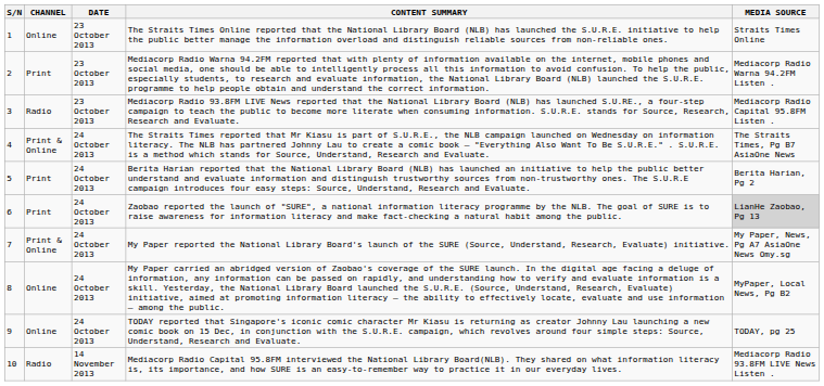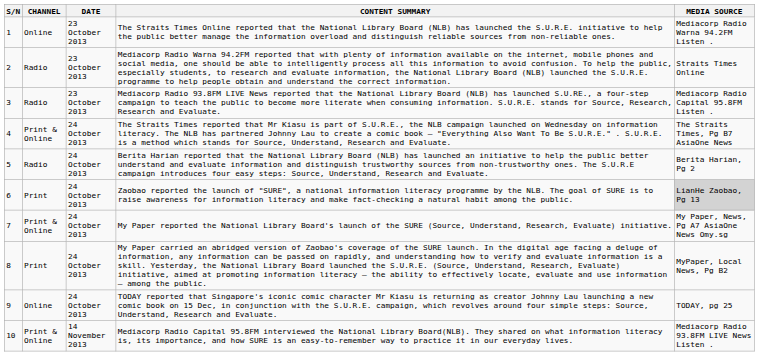 <table class="wikitable">
 <tr>
 <th>S/N</th>
 <th>CHANNEL</th>
 <th>DATE</th>
 <th>CONTENT SUMMARY</th>
 <th>MEDIA SOURCE</th>
 </tr>
 <tr>
 <td>1</td>
 <td>Online</td>
 <td>23 October 2013</td>
 <td>The Straits Times Online reported that the National Library Board (NLB) has launched the S.U.R.E. initiative to help the public better manage the information overload and distinguish reliable sources from non-reliable ones.</td>
-<td>Straits Times Online</td>
+<td>Mediacorp Radio Warna 94.2FM  Listen .</td>
 </tr>
 <tr>
 <td>2</td>
-<td>Print</td>
+<td>Radio</td>
 <td>23 October 2013</td>
 <td>Mediacorp Radio Warna 94.2FM reported that with plenty of information available on the internet, mobile phones and social media, one should be able to intelligently process all this information to avoid confusion. To help the public, especially students, to research and evaluate information, the National Library Board (NLB) launched the S.U.R.E. programme to help people obtain and understand the correct information.</td>
-<td>Mediacorp Radio Warna 94.2FM  Listen .</td>
+<td>Straits Times Online</td>
 </tr>
 <tr>
 <td>3</td>
 <td>Radio</td>
 <td>23 October 2013</td>
 <td>Mediacorp Radio 93.8FM LIVE News reported that the National Library Board (NLB) has launched S.U.RE., a four-step campaign to teach the public to become more literate when consuming information. S.U.R.E. stands for Source, Research, Research and Evaluate.</td>
 <td>Mediacorp Radio Capital 95.8FM Listen .</td>
 </tr>
 <tr>
 <td>4</td>
 <td>Print & Online</td>
 <td>24 October 2013</td>
 <td>The Straits Times reported that Mr Kiasu is part of S.U.R.E., the NLB campaign launched on Wednesday on information literacy.  The NLB has partnered Johnny Lau to create a comic book – "Everything Also Want To Be S.U.R.E." .  S.U.R.E. is a method which stands for Source, Understand, Research and Evaluate.</td>
 <td>The Straits Times, Pg B7 AsiaOne News</td>
 </tr>
 <tr>
 <td>5</td>
-<td>Print</td>
+<td>Radio</td>
 <td>24 October 2013</td>
 <td>Berita Harian reported that the National Library Board (NLB) has launched an initiative to help the public better understand and evaluate information and distinguish trustworthy sources from non-trustworthy ones. The S.U.R.E campaign introduces four easy steps: Source, Understand, Research and Evaluate.</td>
 <td>Berita Harian, Pg 2</td>
 </tr>
 <tr>
 <td>6</td>
 <td>Print</td>
 <td>24 October 2013</td>
 <td>Zaobao reported the launch of "SURE", a national information literacy programme by the NLB. The goal of SURE is to raise awareness for information literacy and make fact-checking a natural habit among the public.</td>
 <td style="background: lightgrey;">LianHe Zaobao, Pg 13</td>
 </tr>
 <tr>
 <td>7</td>
 <td>Print & Online</td>
 <td>24 October 2013</td>
 <td>My Paper reported the National Library Board's launch of the SURE (Source, Understand, Research, Evaluate) initiative.</td>
 <td>My Paper, News, Pg A7  AsiaOne News Omy.sg</td>
 </tr>
 <tr>
 <td>8</td>
-<td>Online</td>
+<td>Print</td>
 <td>24 October 2013</td>
 <td>My Paper carried an abridged version of Zaobao's coverage of the SURE launch. In the digital age facing a deluge of information, any information can be passed on rapidly, and understanding how to verify and evaluate information is a skill. Yesterday, the National Library Board launched the S.U.R.E. (Source, Understand, Research, Evaluate) initiative, aimed at promoting information literacy – the ability to effectively locate, evaluate and use information – among the public.</td>
 <td>MyPaper, Local News, Pg B2</td>
 </tr>
 <tr>
 <td>9</td>
 <td>Online</td>
 <td>24 October 2013</td>
 <td>TODAY reported that Singapore's iconic comic character Mr Kiasu is returning as creator Johnny Lau launching a new comic book on 15 Dec, in conjunction with the S.U.R.E. campaign, which revolves around four simple steps: Source, Understand, Research and Evaluate.</td>
 <td>TODAY, pg 25</td>
 </tr>
 <tr>
 <td>10</td>
-<td>Radio</td>
+<td>Print & Online</td>
 <td>14 November 2013</td>
 <td>Mediacorp Radio Capital 95.8FM interviewed the National Library Board(NLB). They shared on what information literacy is, its importance, and how SURE is an easy-to-remember way to practice it in our everyday lives.</td>
 <td>Mediacorp Radio 93.8FM LIVE News Listen .</td>
 </tr>
 </table>
